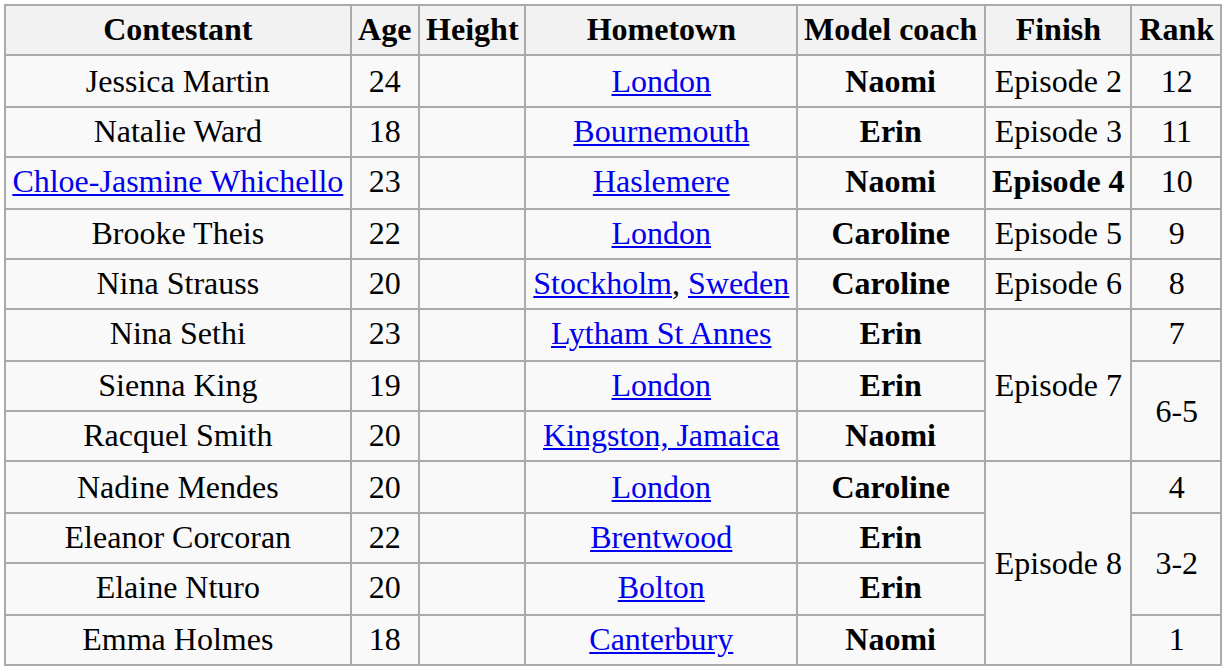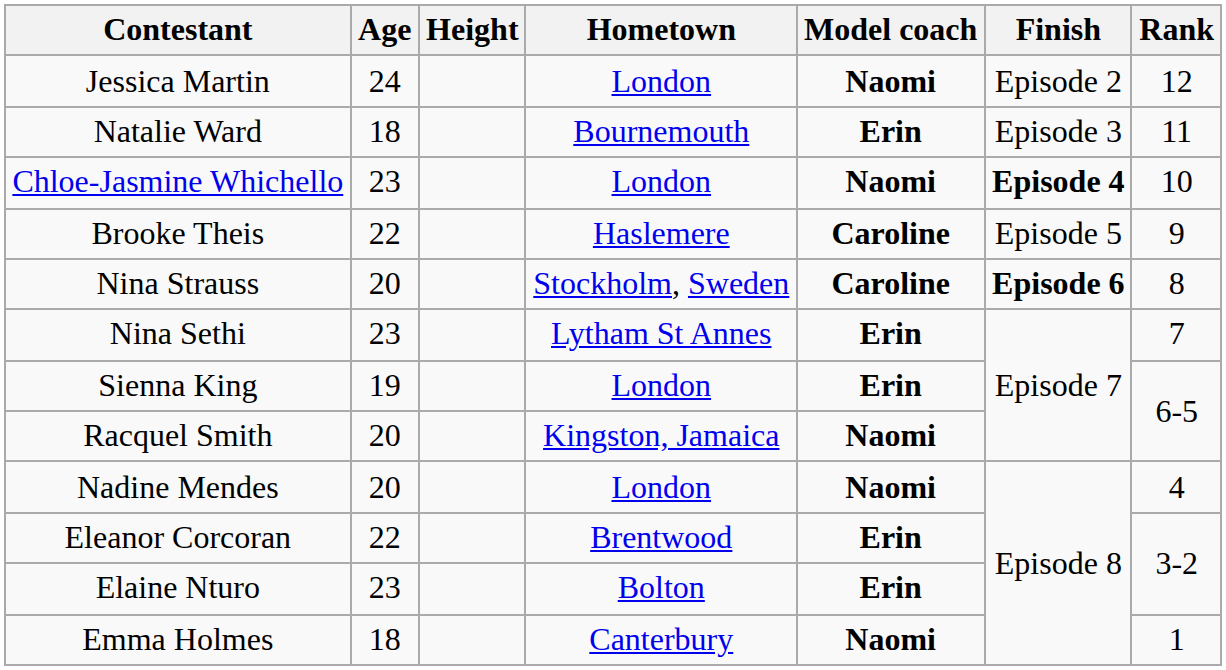 <table class="wikitable sortable" style="text-align:center;">
 <tr>
 <th>Contestant</th>
 <th>Age</th>
 <th>Height</th>
 <th>Hometown</th>
 <th>Model coach</th>
 <th>Finish</th>
 <th>Rank</th>
 </tr>
 <tr>
 <td>Jessica Martin</td>
 <td>24</td>
 <td></td>
 <td><a href='#'>London</a></td>
 <td><strong><span>Naomi</span></strong></td>
 <td>Episode 2</td>
 <td>12</td>
 </tr>
 <tr>
 <td>Natalie Ward</td>
 <td>18</td>
 <td></td>
 <td><a href='#'>Bournemouth</a></td>
 <td><strong><span>Erin</span></strong></td>
 <td>Episode 3</td>
 <td>11</td>
 </tr>
 <tr>
 <td><a href='#'>Chloe-Jasmine Whichello</a></td>
 <td>23</td>
 <td></td>
-<td><a href='#'>Haslemere</a></td>
+<td><a href='#'>London</a></td>
 <td><strong><span>Naomi</span></strong></td>
 <td><strong>Episode 4</strong></td>
 <td>10</td>
 </tr>
 <tr>
 <td>Brooke Theis</td>
 <td>22</td>
 <td></td>
-<td><a href='#'>London</a></td>
+<td><a href='#'>Haslemere</a></td>
 <td><strong><span>Caroline</span></strong></td>
 <td>Episode 5</td>
 <td>9</td>
 </tr>
 <tr>
 <td>Nina Strauss</td>
 <td>20</td>
 <td></td>
 <td><a href='#'>Stockholm</a>, <a href='#'>Sweden</a></td>
 <td><strong><span>Caroline</span></strong></td>
-<td>Episode 6</td>
+<td><strong>Episode 6</strong></td>
 <td>8</td>
 </tr>
 <tr>
 <td>Nina Sethi</td>
 <td>23</td>
 <td></td>
 <td><a href='#'>Lytham St Annes</a></td>
 <td><strong><span>Erin</span></strong></td>
 <td rowspan="3">Episode 7</td>
 <td>7</td>
 </tr>
 <tr>
 <td>Sienna King</td>
 <td>19</td>
 <td></td>
 <td><a href='#'>London</a></td>
 <td><strong><span>Erin</span></strong></td>
 <td rowspan="2">6-5</td>
 </tr>
 <tr>
 <td>Racquel Smith</td>
 <td>20</td>
 <td></td>
 <td><a href='#'>Kingston, Jamaica</a></td>
 <td><strong><span>Naomi</span></strong></td>
 </tr>
 <tr>
 <td>Nadine Mendes</td>
 <td>20</td>
 <td></td>
 <td><a href='#'>London</a></td>
-<td><strong><span>Caroline</span></strong></td>
+<td><strong><span>Naomi</span></strong></td>
 <td rowspan="4">Episode 8</td>
 <td>4</td>
 </tr>
 <tr>
 <td>Eleanor Corcoran</td>
 <td>22</td>
 <td></td>
 <td><a href='#'>Brentwood</a></td>
 <td><strong><span>Erin</span></strong></td>
 <td rowspan="2">3-2</td>
 </tr>
 <tr>
 <td>Elaine Nturo</td>
-<td>20</td>
+<td>23</td>
 <td></td>
 <td><a href='#'>Bolton</a></td>
 <td><strong><span>Erin</span></strong></td>
 </tr>
 <tr>
 <td>Emma Holmes</td>
 <td>18</td>
 <td></td>
 <td><a href='#'>Canterbury</a></td>
 <td><strong><span>Naomi</span></strong></td>
 <td>1</td>
 </tr>
 </table>
